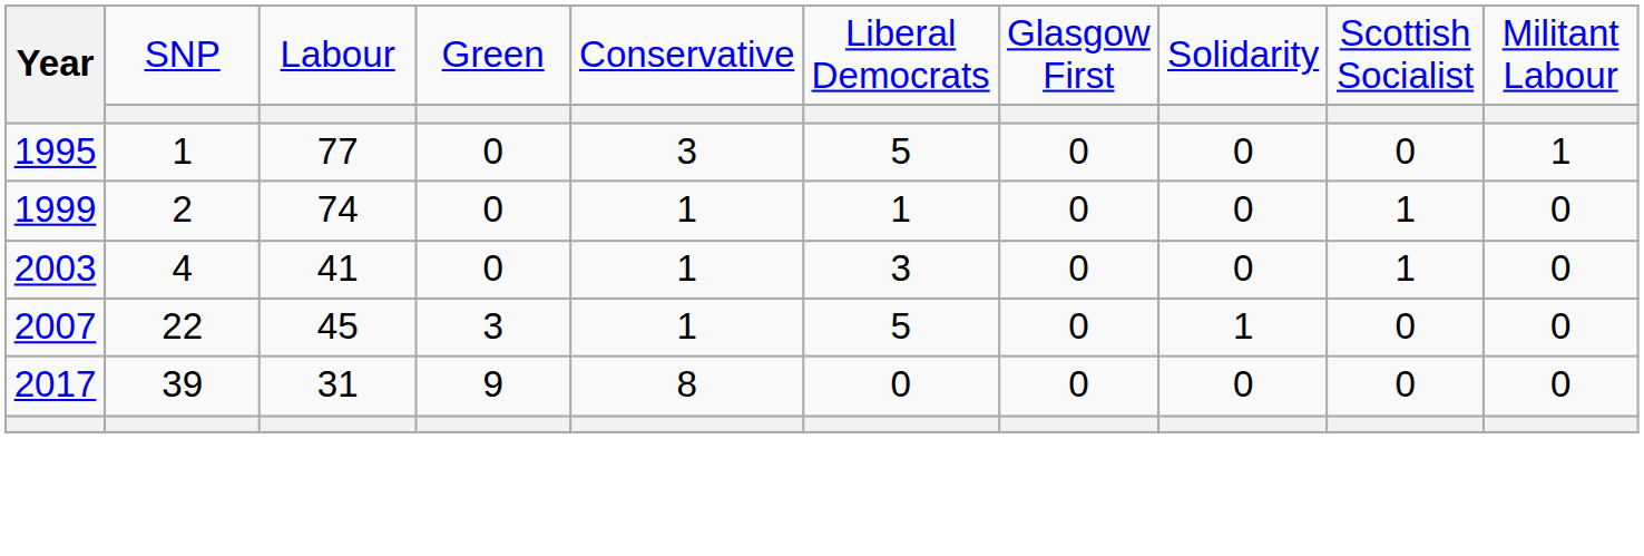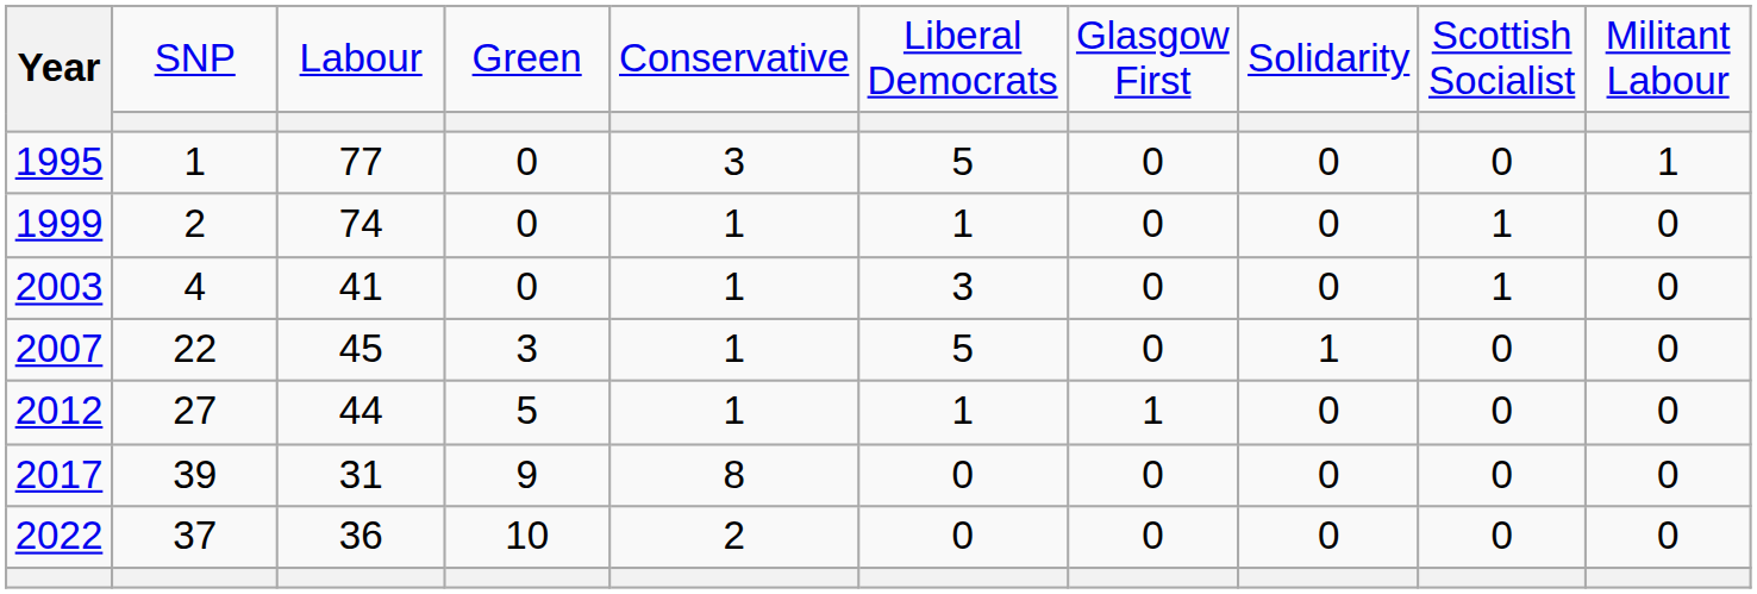 <table class=wikitable style=text-align:center>
 <tr>
 <th rowspan=2>Year</th>
 <td width="60"><a href='#'>SNP</a></td>
 <td width="60"><a href='#'>Labour</a></td>
 <td width="60"><a href='#'>Green</a></td>
 <td width="60"><a href='#'>Conservative</a></td>
 <td width="60"><a href='#'>Liberal Democrats</a></td>
 <td width="60"><a href='#'>Glasgow First</a></td>
 <td width="60"><a href='#'>Solidarity</a></td>
 <td width="60"><a href='#'>Scottish Socialist</a></td>
 <td width="60"><a href='#'>Militant Labour</a></td>
 </tr>
 <tr>
 <th style="background-color: "></th>
 <th style="background-color: "></th>
 <th style="background-color: "></th>
 <th style="background-color: "></th>
 <th style="background-color: "></th>
 <th style="background-color: "></th>
 <th style="background-color: "></th>
 <th style="background-color: "></th>
 <th style="background-color: "></th>
 </tr>
 <tr>
 <td><a href='#'>1995</a></td>
 <td>1</td>
 <td>77</td>
 <td>0</td>
 <td>3</td>
 <td>5</td>
 <td>0</td>
 <td>0</td>
 <td>0</td>
 <td>1</td>
 </tr>
 <tr>
 <td><a href='#'>1999</a></td>
 <td>2</td>
 <td>74</td>
 <td>0</td>
 <td>1</td>
 <td>1</td>
 <td>0</td>
 <td>0</td>
 <td>1</td>
 <td>0</td>
 </tr>
 <tr>
 <td><a href='#'>2003</a></td>
 <td>4</td>
 <td>41</td>
 <td>0</td>
 <td>1</td>
 <td>3</td>
 <td>0</td>
 <td>0</td>
 <td>1</td>
 <td>0</td>
 </tr>
 <tr>
 <td><a href='#'>2007</a></td>
 <td>22</td>
 <td>45</td>
 <td>3</td>
 <td>1</td>
 <td>5</td>
 <td>0</td>
 <td>1</td>
 <td>0</td>
 <td>0</td>
 </tr>
 <tr>
+<td><a href='#'>2012</a></td>
+<td>27</td>
+<td>44</td>
+<td>5</td>
+<td>1</td>
+<td>1</td>
+<td>1</td>
+<td>0</td>
+<td>0</td>
+<td>0</td>
+</tr>
+<tr>
 <td><a href='#'>2017</a></td>
 <td>39</td>
 <td>31</td>
 <td>9</td>
 <td>8</td>
+<td>0</td>
+<td>0</td>
+<td>0</td>
+<td>0</td>
+<td>0</td>
+</tr>
+<tr>
+<td><a href='#'>2022</a></td>
+<td>37</td>
+<td>36</td>
+<td>10</td>
+<td>2</td>
 <td>0</td>
 <td>0</td>
 <td>0</td>
 <td>0</td>
 <td>0</td>
 </tr>
 <tr>
 <th></th>
 <th style="background-color: "></th>
 <th style="background-color: "></th>
 <th style="background-color: "></th>
 <th style="background-color: "></th>
 <th style="background-color: "></th>
 <th style="background-color: "></th>
 <th style="background-color: "></th>
 <th style="background-color: "></th>
 <th style="background-color: "></th>
 </tr>
 </table>
